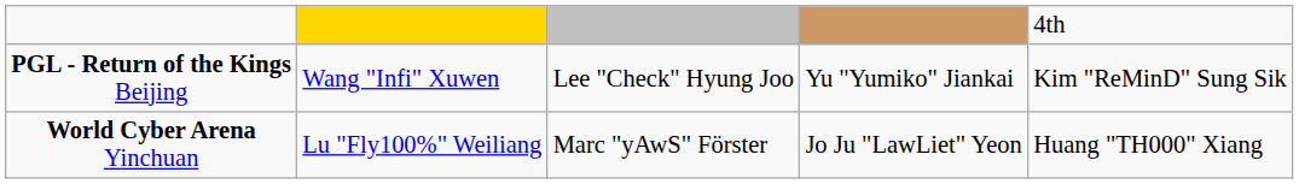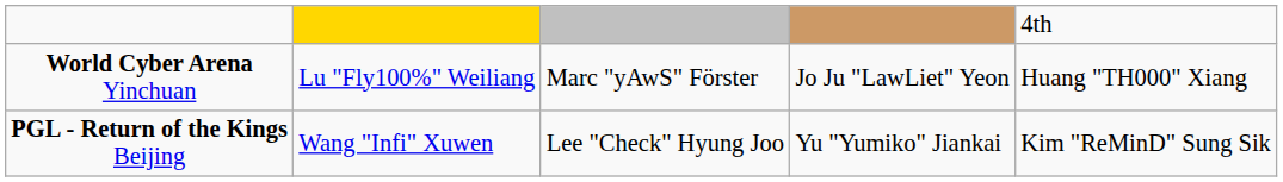 <table class="wikitable" style="text-align:left">
 <tr>
 <td style="text-align:center"></td>
 <td style="text-align:center; background:gold;"></td>
 <td style="text-align:center; background:silver;"></td>
 <td style="text-align:center; background:#c96;"></td>
 <td>4th</td>
 </tr>
 <tr>
+<td style="text-align:center"><strong>World Cyber Arena</strong><br> <a href='#'>Yinchuan</a></td>
+<td> <a href='#'>Lu "Fly100%" Weiliang</a></td>
+<td> Marc "yAwS" Förster</td>
+<td> Jo Ju "LawLiet" Yeon</td>
+<td> Huang "TH000" Xiang</td>
+</tr>
+<tr>
 <td style="text-align:center"><strong>PGL - Return of the Kings</strong><br> <a href='#'>Beijing</a></td>
 <td> <a href='#'>Wang "Infi" Xuwen</a></td>
 <td> Lee "Check" Hyung Joo</td>
 <td> Yu "Yumiko" Jiankai</td>
 <td> Kim "ReMinD" Sung Sik</td>
 </tr>
-<tr>
-<td style="text-align:center"><strong>World Cyber Arena</strong><br> <a href='#'>Yinchuan</a></td>
-<td> <a href='#'>Lu "Fly100%" Weiliang</a></td>
-<td> Marc "yAwS" Förster</td>
-<td> Jo Ju "LawLiet" Yeon</td>
-<td> Huang "TH000" Xiang</td>
-</tr>
 </table>
